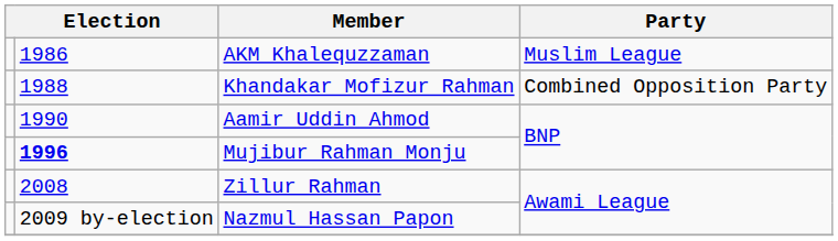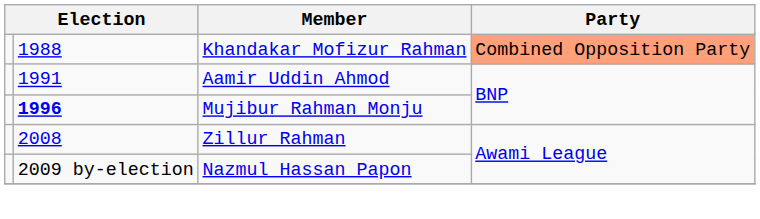 <table class="wikitable">
 <tr>
 <th colspan="2">Election</th>
 <th>Member</th>
 <th>Party</th>
 </tr>
 <tr>
-<td style="background-color:"></td>
-<td><a href='#'>1986</a></td>
-<td><a href='#'>AKM Khalequzzaman</a></td>
-<td><a href='#'>Muslim League</a></td>
-</tr>
-<tr>
 <td></td>
 <td><a href='#'>1988</a></td>
 <td><a href='#'>Khandakar Mofizur Rahman</a></td>
-<td>Combined Opposition Party</td>
+<td style="background: lightsalmon;">Combined Opposition Party</td>
 </tr>
 <tr>
 <td style="background-color:"></td>
-<td><a href='#'>1990</a></td>
+<td><a href='#'>1991</a></td>
 <td><a href='#'>Aamir Uddin Ahmod</a></td>
 <td rowspan="2"><a href='#'>BNP</a></td>
 </tr>
 <tr>
 <td style="background-color:"></td>
 <td><strong><a href='#'>1996</a></strong></td>
 <td><a href='#'>Mujibur Rahman Monju</a></td>
 </tr>
 <tr>
 <td style="background-color:"></td>
 <td><a href='#'>2008</a></td>
 <td><a href='#'>Zillur Rahman</a></td>
 <td rowspan="2"><a href='#'>Awami League</a></td>
 </tr>
 <tr>
 <td style="background-color:"></td>
 <td>2009 by-election</td>
 <td><a href='#'>Nazmul Hassan Papon</a></td>
 </tr>
 <tr>
 </tr>
 </table>
